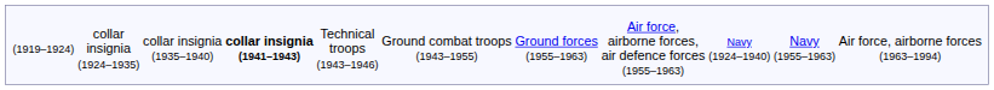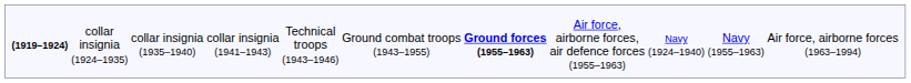 <table style="border:1px solid #8888aa; background-color:#f7f8ff; padding:5px; font-size:95%; margin: 12px 12px 12px 0px;">
 <tr align="center">
 <td></td>
 <td rowspan="2"></td>
 <td rowspan="2"></td>
 <td rowspan="2"></td>
 <td rowspan="2"></td>
 <td rowspan="2"></td>
 <td rowspan="2"></td>
 <td rowspan="2"></td>
 <td rowspan="2"></td>
 <td rowspan="2"></td>
 <td rowspan="2"></td>
 </tr>
 <tr align="center">
 <td></td>
 </tr>
 <tr align="center">
-<td><small>(1919–1924)</small></td>
+<td><strong><small>(1919–1924)</small></strong></td>
 <td>collar<br>insignia<br><small>(1924–1935)</small></td>
 <td>collar insignia<br><small>(1935–1940)</small></td>
-<td><strong>collar insignia<br><small>(1941–1943)</small></strong></td>
+<td>collar insignia<br><small>(1941–1943)</small></td>
 <td>Technical<br>troops<br><small>(1943–1946)</small></td>
 <td>Ground combat troops<br><small>(1943–1955)</small></td>
-<td><a href='#'>Ground forces</a><br><small>(1955–1963)</small></td>
+<td><strong><a href='#'>Ground forces</a><br><small>(1955–1963)</small></strong></td>
 <td><a href='#'>Air force</a>,<br>airborne forces,<br>air defence forces<br><small>(1955–1963)</small></td>
 <td><a href='#'><small>Navy</small></a><small><br>(1924–1940)</small></td>
 <td><a href='#'>Navy</a><br><small>(1955–1963)</small></td>
 <td>Air force, airborne forces<br><small>(1963–1994)</small></td>
 </tr>
 </table>
